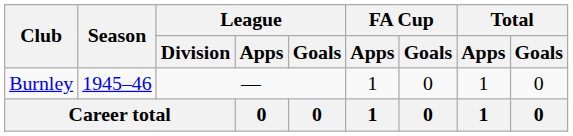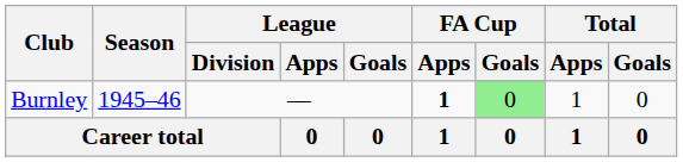 <table class="wikitable" style="text-align:center">
 <tr>
 <th rowspan="2">Club</th>
 <th rowspan="2">Season</th>
 <th colspan="3">League</th>
 <th colspan="2">FA Cup</th>
 <th colspan="2">Total</th>
 </tr>
 <tr>
 <th>Division</th>
 <th>Apps</th>
 <th>Goals</th>
 <th>Apps</th>
 <th>Goals</th>
 <th>Apps</th>
 <th>Goals</th>
 </tr>
 <tr>
 <td><a href='#'>Burnley</a></td>
 <td><a href='#'>1945–46</a></td>
 <td colspan="3">―</td>
-<td>1</td>
-<td>0</td>
+<td><strong>1</strong></td>
+<td style="background: lightgreen;">0</td>
 <td>1</td>
 <td>0</td>
 </tr>
 <tr>
 <th colspan="3">Career total</th>
 <th>0</th>
 <th>0</th>
 <th>1</th>
 <th>0</th>
 <th>1</th>
 <th>0</th>
 </tr>
 </table>
